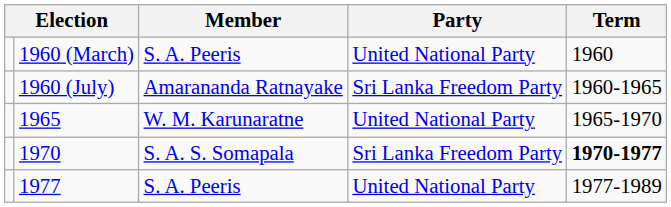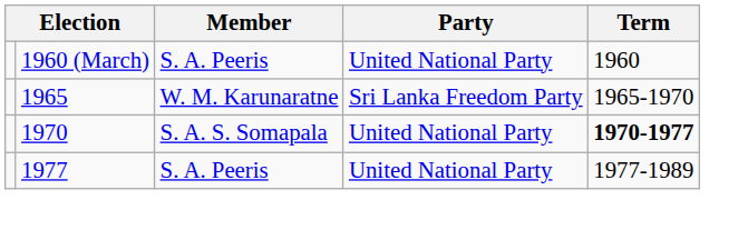 <table class="wikitable">
 <tr>
 <th colspan="2">Election</th>
 <th>Member</th>
 <th>Party</th>
 <th>Term</th>
 </tr>
 <tr>
 <td style="background-color: "></td>
 <td><a href='#'>1960 (March)</a></td>
 <td><a href='#'>S. A. Peeris</a></td>
 <td><a href='#'>United National Party</a></td>
 <td>1960</td>
 </tr>
 <tr>
 <td style="background-color: "></td>
-<td><a href='#'>1960 (July)</a></td>
-<td><a href='#'>Amarananda Ratnayake</a></td>
-<td><a href='#'>Sri Lanka Freedom Party</a></td>
-<td>1960-1965</td>
-</tr>
-<tr>
-<td style="background-color: "></td>
 <td><a href='#'>1965</a></td>
 <td><a href='#'>W. M. Karunaratne</a></td>
-<td><a href='#'>United National Party</a></td>
+<td><a href='#'>Sri Lanka Freedom Party</a></td>
 <td>1965-1970</td>
 </tr>
 <tr>
 <td style="background-color: "></td>
 <td><a href='#'>1970</a></td>
 <td><a href='#'>S. A. S. Somapala</a></td>
-<td><a href='#'>Sri Lanka Freedom Party</a></td>
+<td><a href='#'>United National Party</a></td>
 <td><strong>1970-1977</strong></td>
 </tr>
 <tr>
 <td style="background-color: "></td>
 <td><a href='#'>1977</a></td>
 <td><a href='#'>S. A. Peeris</a></td>
 <td><a href='#'>United National Party</a></td>
 <td>1977-1989</td>
 </tr>
 </table>
